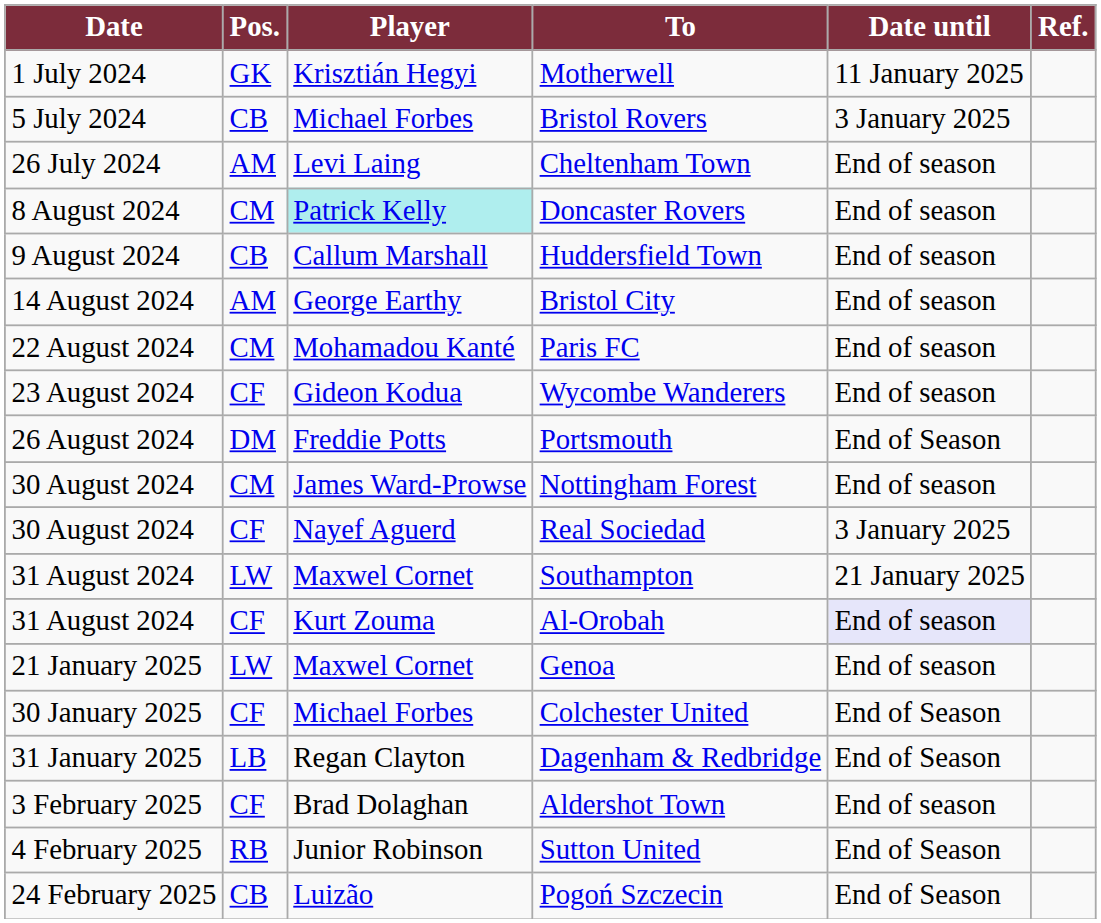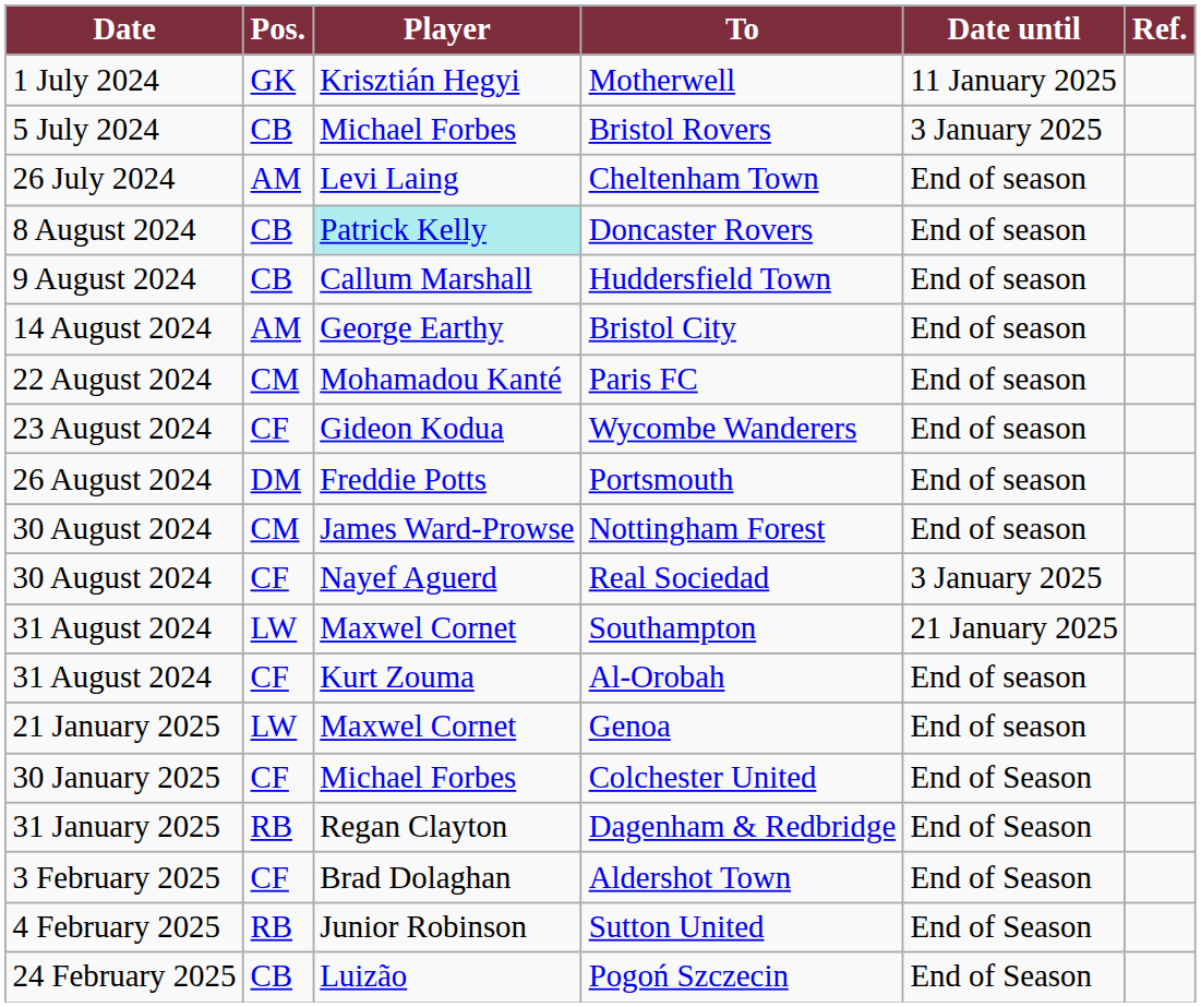 <table class="wikitable plainrowheaders sortable">
 <tr>
 <th style="background:#7C2C3B; color:#FFFFFF; ">Date</th>
 <th style="background:#7C2C3B; color:#FFFFFF; ">Pos.</th>
 <th style="background:#7C2C3B; color:#FFFFFF; ">Player</th>
 <th style="background:#7C2C3B; color:#FFFFFF; ">To</th>
 <th style="background:#7C2C3B; color:#FFFFFF; ">Date until</th>
 <th style="background:#7C2C3B; color:#FFFFFF; ">Ref.</th>
 </tr>
 <tr>
 <td>1 July 2024</td>
 <td><a href='#'>GK</a></td>
 <td> <a href='#'>Krisztián Hegyi</a></td>
 <td> <a href='#'>Motherwell</a></td>
 <td>11 January 2025</td>
 <td></td>
 </tr>
 <tr>
 <td>5 July 2024</td>
 <td><a href='#'>CB</a></td>
 <td> <a href='#'>Michael Forbes</a></td>
 <td> <a href='#'>Bristol Rovers</a></td>
 <td>3 January 2025</td>
 <td></td>
 </tr>
 <tr>
 <td>26 July 2024</td>
 <td><a href='#'>AM</a></td>
 <td> <a href='#'>Levi Laing</a></td>
 <td> <a href='#'>Cheltenham Town</a></td>
 <td>End of season</td>
 <td></td>
 </tr>
 <tr>
 <td>8 August 2024</td>
-<td><a href='#'>CM</a></td>
+<td><a href='#'>CB</a></td>
 <td style="background: paleturquoise;"> <a href='#'>Patrick Kelly</a></td>
 <td> <a href='#'>Doncaster Rovers</a></td>
 <td>End of season</td>
 <td></td>
 </tr>
 <tr>
 <td>9 August 2024</td>
 <td><a href='#'>CB</a></td>
 <td> <a href='#'>Callum Marshall</a></td>
 <td> <a href='#'>Huddersfield Town</a></td>
 <td>End of season</td>
 <td></td>
 </tr>
 <tr>
 <td>14 August 2024</td>
 <td><a href='#'>AM</a></td>
 <td> <a href='#'>George Earthy</a></td>
 <td> <a href='#'>Bristol City</a></td>
 <td>End of season</td>
 <td></td>
 </tr>
 <tr>
 <td>22 August 2024</td>
 <td><a href='#'>CM</a></td>
 <td> <a href='#'>Mohamadou Kanté</a></td>
 <td> <a href='#'>Paris FC</a></td>
 <td>End of season</td>
 <td></td>
 </tr>
 <tr>
 <td>23 August 2024</td>
 <td><a href='#'>CF</a></td>
 <td> <a href='#'>Gideon Kodua</a></td>
 <td> <a href='#'>Wycombe Wanderers</a></td>
 <td>End of season</td>
 <td></td>
 </tr>
 <tr>
 <td>26 August 2024</td>
 <td><a href='#'>DM</a></td>
 <td> <a href='#'>Freddie Potts</a></td>
 <td> <a href='#'>Portsmouth</a></td>
-<td>End of Season</td>
+<td>End of season</td>
 <td></td>
 </tr>
 <tr>
 <td>30 August 2024</td>
 <td><a href='#'>CM</a></td>
 <td> <a href='#'>James Ward-Prowse</a></td>
 <td> <a href='#'>Nottingham Forest</a></td>
 <td>End of season</td>
 <td></td>
 </tr>
 <tr>
 <td>30 August 2024</td>
 <td><a href='#'>CF</a></td>
 <td> <a href='#'>Nayef Aguerd</a></td>
 <td> <a href='#'>Real Sociedad</a></td>
 <td>3 January 2025</td>
 <td></td>
 </tr>
 <tr>
 <td>31 August 2024</td>
 <td><a href='#'>LW</a></td>
 <td> <a href='#'>Maxwel Cornet</a></td>
 <td> <a href='#'>Southampton</a></td>
 <td>21 January 2025</td>
 <td></td>
 </tr>
 <tr>
 <td>31 August 2024</td>
 <td><a href='#'>CF</a></td>
 <td> <a href='#'>Kurt Zouma</a></td>
 <td> <a href='#'>Al-Orobah</a></td>
-<td style="background: lavender;">End of season</td>
+<td>End of season</td>
 <td></td>
 </tr>
 <tr>
 <td>21 January 2025</td>
 <td><a href='#'>LW</a></td>
 <td> <a href='#'>Maxwel Cornet</a></td>
 <td> <a href='#'>Genoa</a></td>
 <td>End of season</td>
 <td></td>
 </tr>
 <tr>
 <td>30 January 2025</td>
 <td><a href='#'>CF</a></td>
 <td> <a href='#'>Michael Forbes</a></td>
 <td> <a href='#'>Colchester United</a></td>
 <td>End of Season</td>
 <td></td>
 </tr>
 <tr>
 <td>31 January 2025</td>
-<td><a href='#'>LB</a></td>
+<td><a href='#'>RB</a></td>
 <td> Regan Clayton</td>
 <td> <a href='#'>Dagenham & Redbridge</a></td>
 <td>End of Season</td>
 <td></td>
 </tr>
 <tr>
 <td>3 February 2025</td>
 <td><a href='#'>CF</a></td>
 <td> Brad Dolaghan</td>
 <td> <a href='#'>Aldershot Town</a></td>
-<td>End of season</td>
+<td>End of Season</td>
 <td></td>
 </tr>
 <tr>
 <td>4 February 2025</td>
 <td><a href='#'>RB</a></td>
 <td> Junior Robinson</td>
 <td> <a href='#'>Sutton United</a></td>
 <td>End of Season</td>
 <td></td>
 </tr>
 <tr>
 <td>24 February 2025</td>
 <td><a href='#'>CB</a></td>
 <td> <a href='#'>Luizão</a></td>
 <td> <a href='#'>Pogoń Szczecin</a></td>
 <td>End of Season</td>
 <td></td>
 </tr>
 </table>
